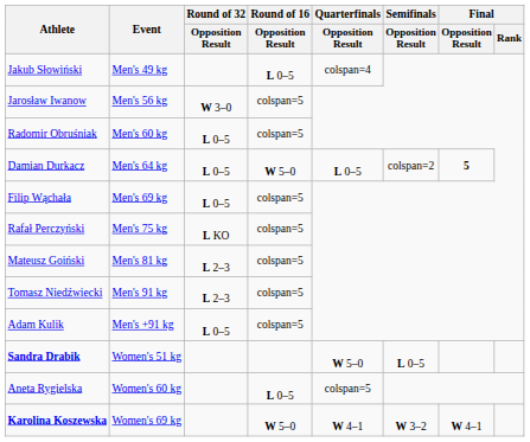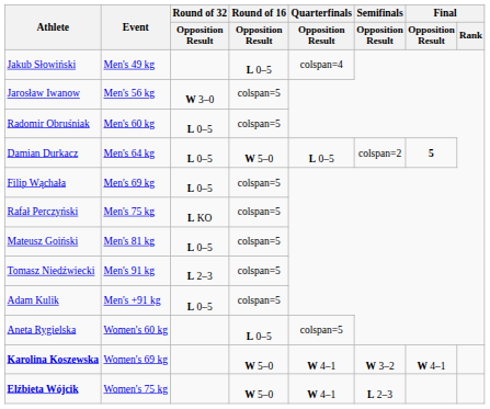 <table class="wikitable" style="font-size:90%">
 <tr>
 <th rowspan="2">Athlete</th>
 <th rowspan="2">Event</th>
 <th>Round of 32</th>
 <th>Round of 16</th>
 <th>Quarterfinals</th>
 <th>Semifinals</th>
 <th colspan=2>Final</th>
 </tr>
 <tr style="font-size:95%">
 <th>Opposition<br>Result</th>
 <th>Opposition<br>Result</th>
 <th>Opposition<br>Result</th>
 <th>Opposition<br>Result</th>
 <th>Opposition<br>Result</th>
 <th>Rank</th>
 </tr>
 <tr align=center>
 <td align=left><a href='#'>Jakub Słowiński</a></td>
 <td align=left><a href='#'>Men's 49 kg</a></td>
 <td></td>
 <td><br><strong>L</strong> 0–5</td>
 <td>colspan=4 </td>
 </tr>
 <tr align=center>
 <td align=left><a href='#'>Jarosław Iwanow</a></td>
 <td align=left><a href='#'>Men's 56 kg</a></td>
 <td><br><strong>W</strong> 3–0</td>
 <td>colspan=5 </td>
 </tr>
 <tr align=center>
 <td align=left><a href='#'>Radomir Obruśniak</a></td>
 <td align=left><a href='#'>Men's 60 kg</a></td>
 <td><br><strong>L</strong> 0–5</td>
 <td>colspan=5 </td>
 </tr>
 <tr align=center>
 <td align=left><a href='#'>Damian Durkacz</a></td>
 <td align=left><a href='#'>Men's 64 kg</a></td>
 <td><br><strong>L</strong> 0–5</td>
 <td><br><strong>W</strong> 5–0</td>
 <td><br><strong>L</strong> 0–5</td>
 <td>colspan=2 </td>
 <td><strong>5</strong></td>
 </tr>
 <tr align=center>
 <td align=left><a href='#'>Filip Wąchała</a></td>
 <td align=left><a href='#'>Men's 69 kg</a></td>
 <td><br><strong>L</strong> 0–5</td>
 <td>colspan=5 </td>
 </tr>
 <tr align=center>
 <td align=left><a href='#'>Rafał Perczyński</a></td>
 <td align=left><a href='#'>Men's 75 kg</a></td>
 <td><br><strong>L</strong> KO</td>
 <td>colspan=5 </td>
 </tr>
 <tr align=center>
 <td align=left><a href='#'>Mateusz Goiński</a></td>
 <td align=left><a href='#'>Men's 81 kg</a></td>
-<td><br><strong>L</strong> 2–3</td>
+<td><br><strong>L</strong> 0–5</td>
 <td>colspan=5 </td>
 </tr>
 <tr align=center>
 <td align=left><a href='#'>Tomasz Niedźwiecki</a></td>
 <td align=left><a href='#'>Men's 91 kg</a></td>
 <td><br><strong>L</strong> 2–3</td>
 <td>colspan=5 </td>
 </tr>
 <tr align=center>
 <td align=left><a href='#'>Adam Kulik</a></td>
 <td align=left><a href='#'>Men's +91 kg</a></td>
 <td><br><strong>L</strong> 0–5</td>
 <td>colspan=5 </td>
-</tr>
-<tr align=center>
-<td align=left><strong><a href='#'>Sandra Drabik</a></strong></td>
-<td align=left><a href='#'>Women's 51 kg</a></td>
-<td></td>
-<td></td>
-<td><br><strong>W</strong> 5–0</td>
-<td><br><strong>L</strong> 0–5</td>
-<td></td>
-<td></td>
 </tr>
 <tr align=center>
 <td align=left><a href='#'>Aneta Rygielska</a></td>
 <td align=left><a href='#'>Women's 60 kg</a></td>
 <td></td>
 <td><br><strong>L</strong> 0–5</td>
 <td>colspan=5 </td>
 </tr>
 <tr align=center>
 <td align=left><strong><a href='#'>Karolina Koszewska</a></strong></td>
 <td align=left><a href='#'>Women's 69 kg</a></td>
 <td></td>
 <td><br><strong>W</strong> 5–0</td>
 <td><br><strong>W</strong> 4–1</td>
 <td><br><strong>W</strong> 3–2</td>
 <td><br><strong>W</strong> 4–1</td>
 <td></td>
 </tr>
+<tr align=center>
+<td align=left><strong><a href='#'>Elźbieta Wójcik</a></strong></td>
+<td align=left><a href='#'>Women's 75 kg</a></td>
+<td></td>
+<td><br><strong>W</strong> 5–0</td>
+<td><br><strong>W</strong> 4–1</td>
+<td><br><strong>L</strong> 2–3</td>
+<td></td>
+<td></td>
+</tr>
 </table>
